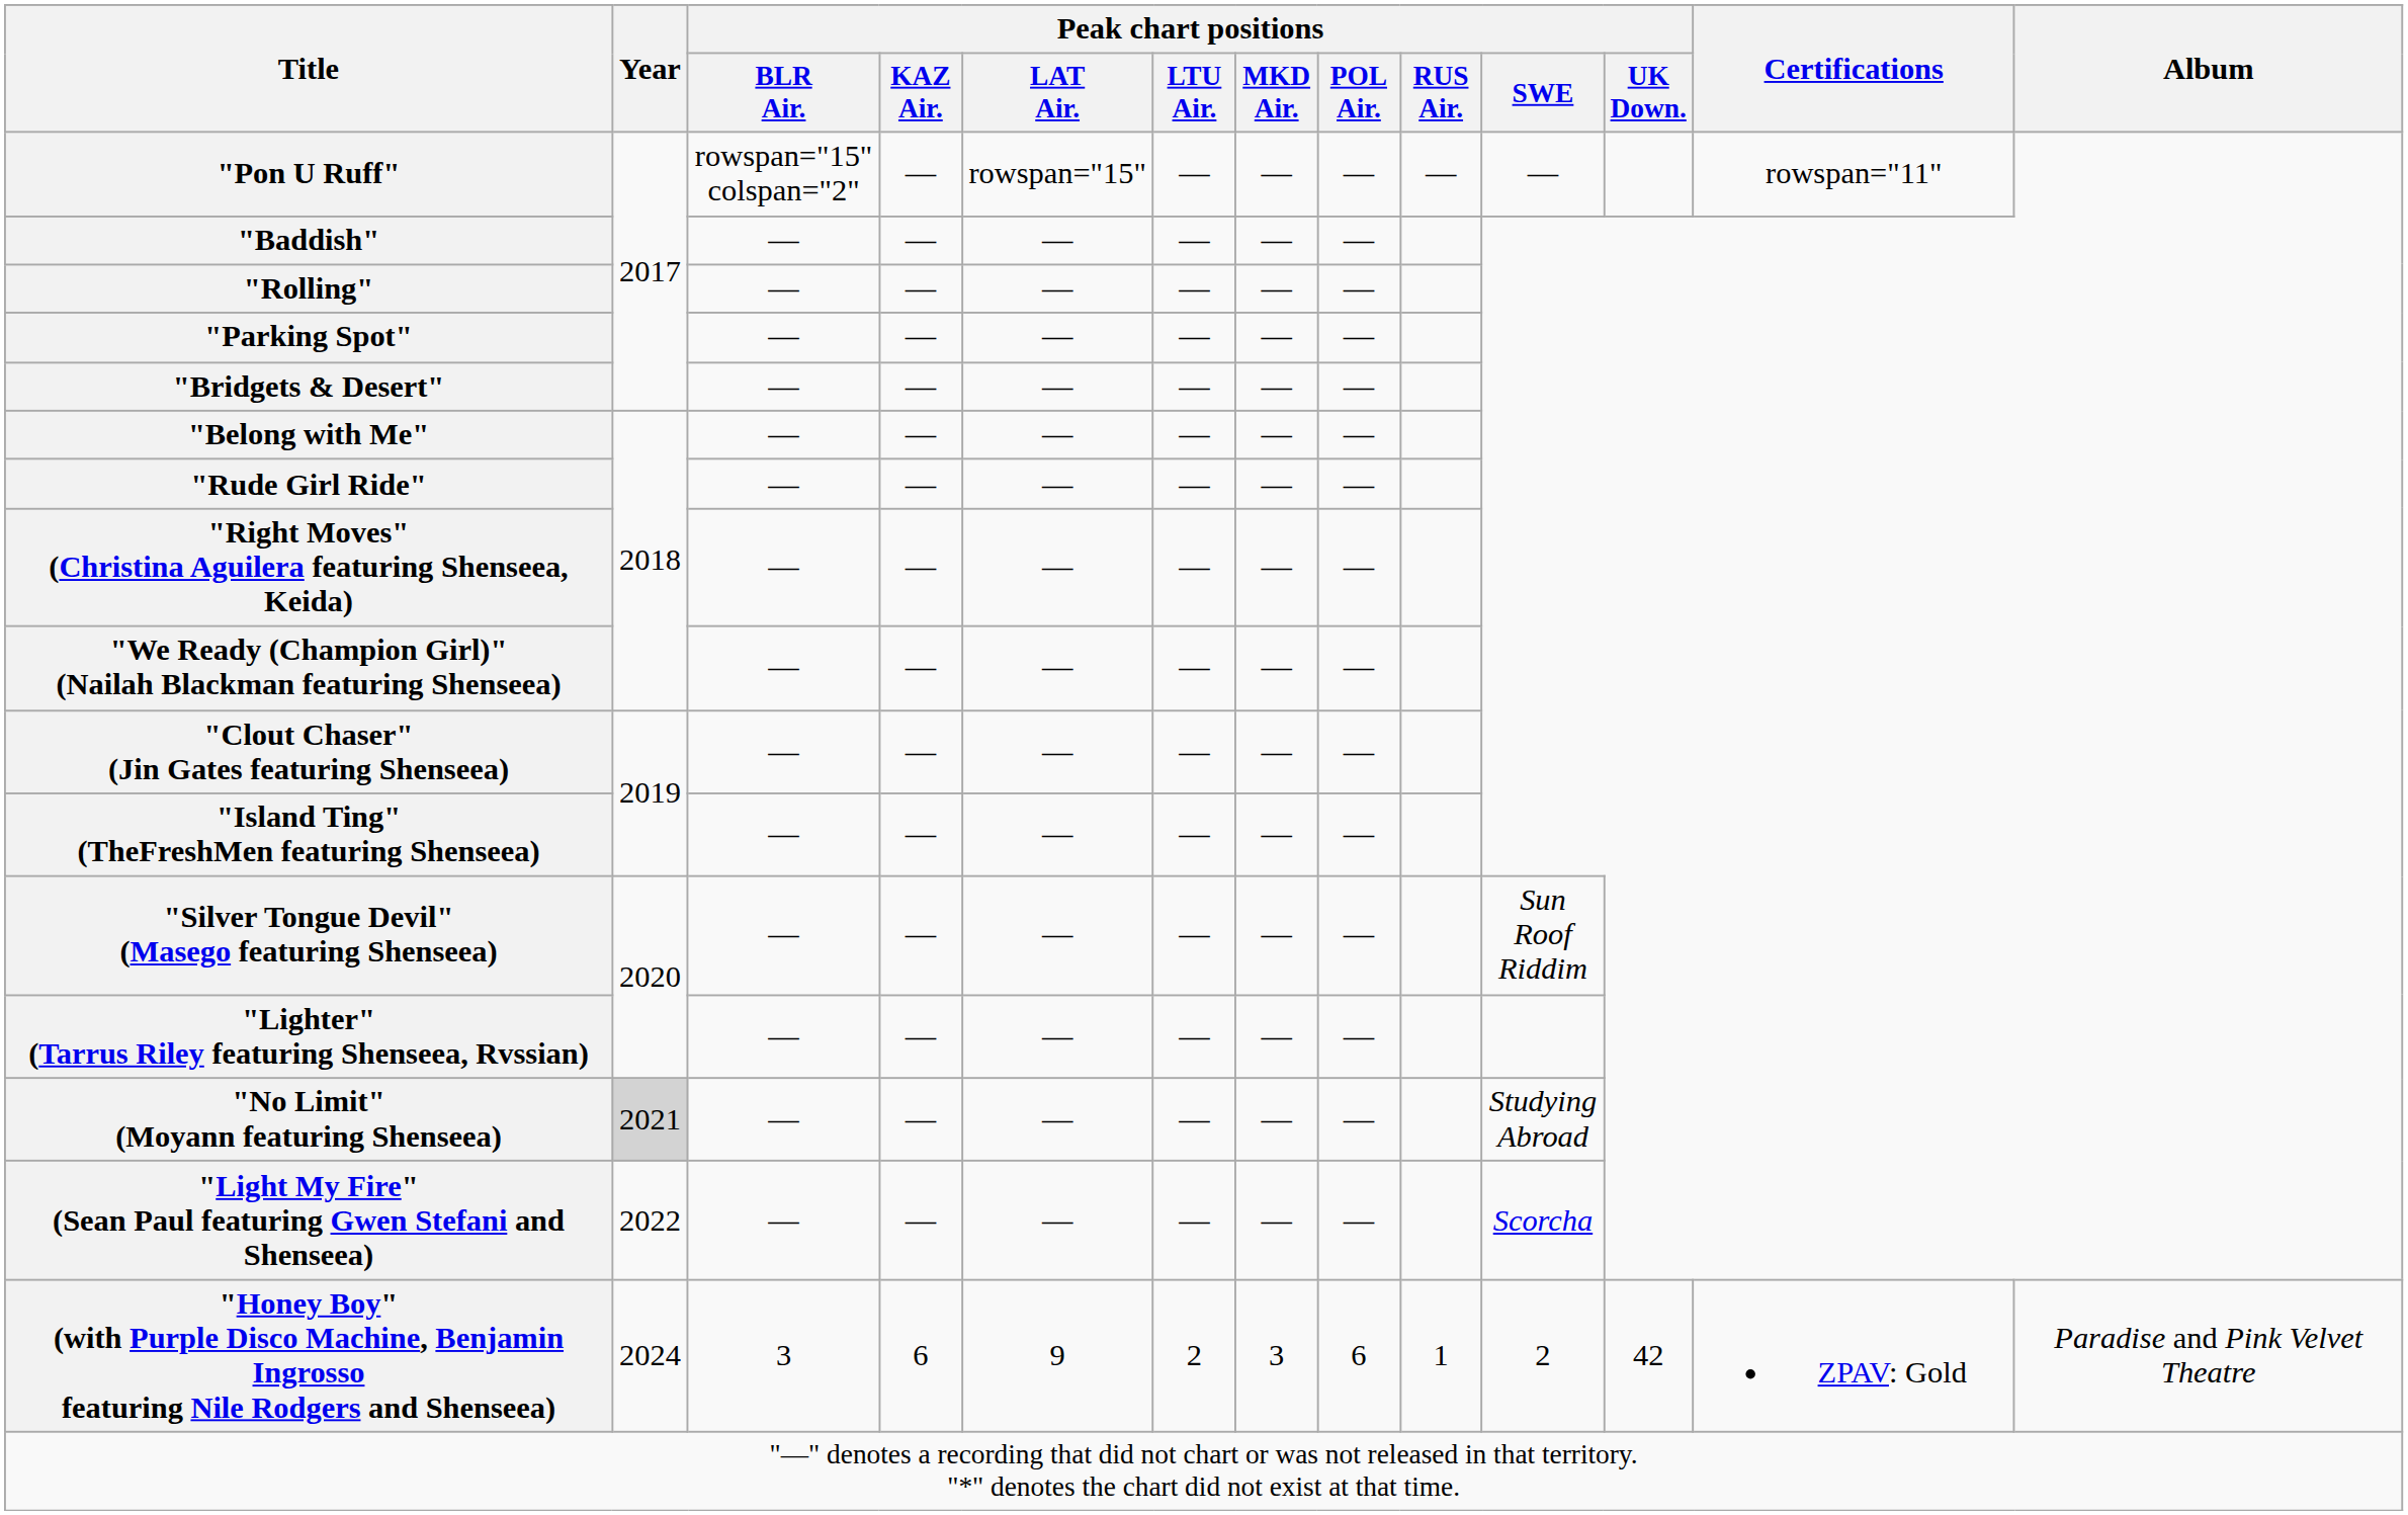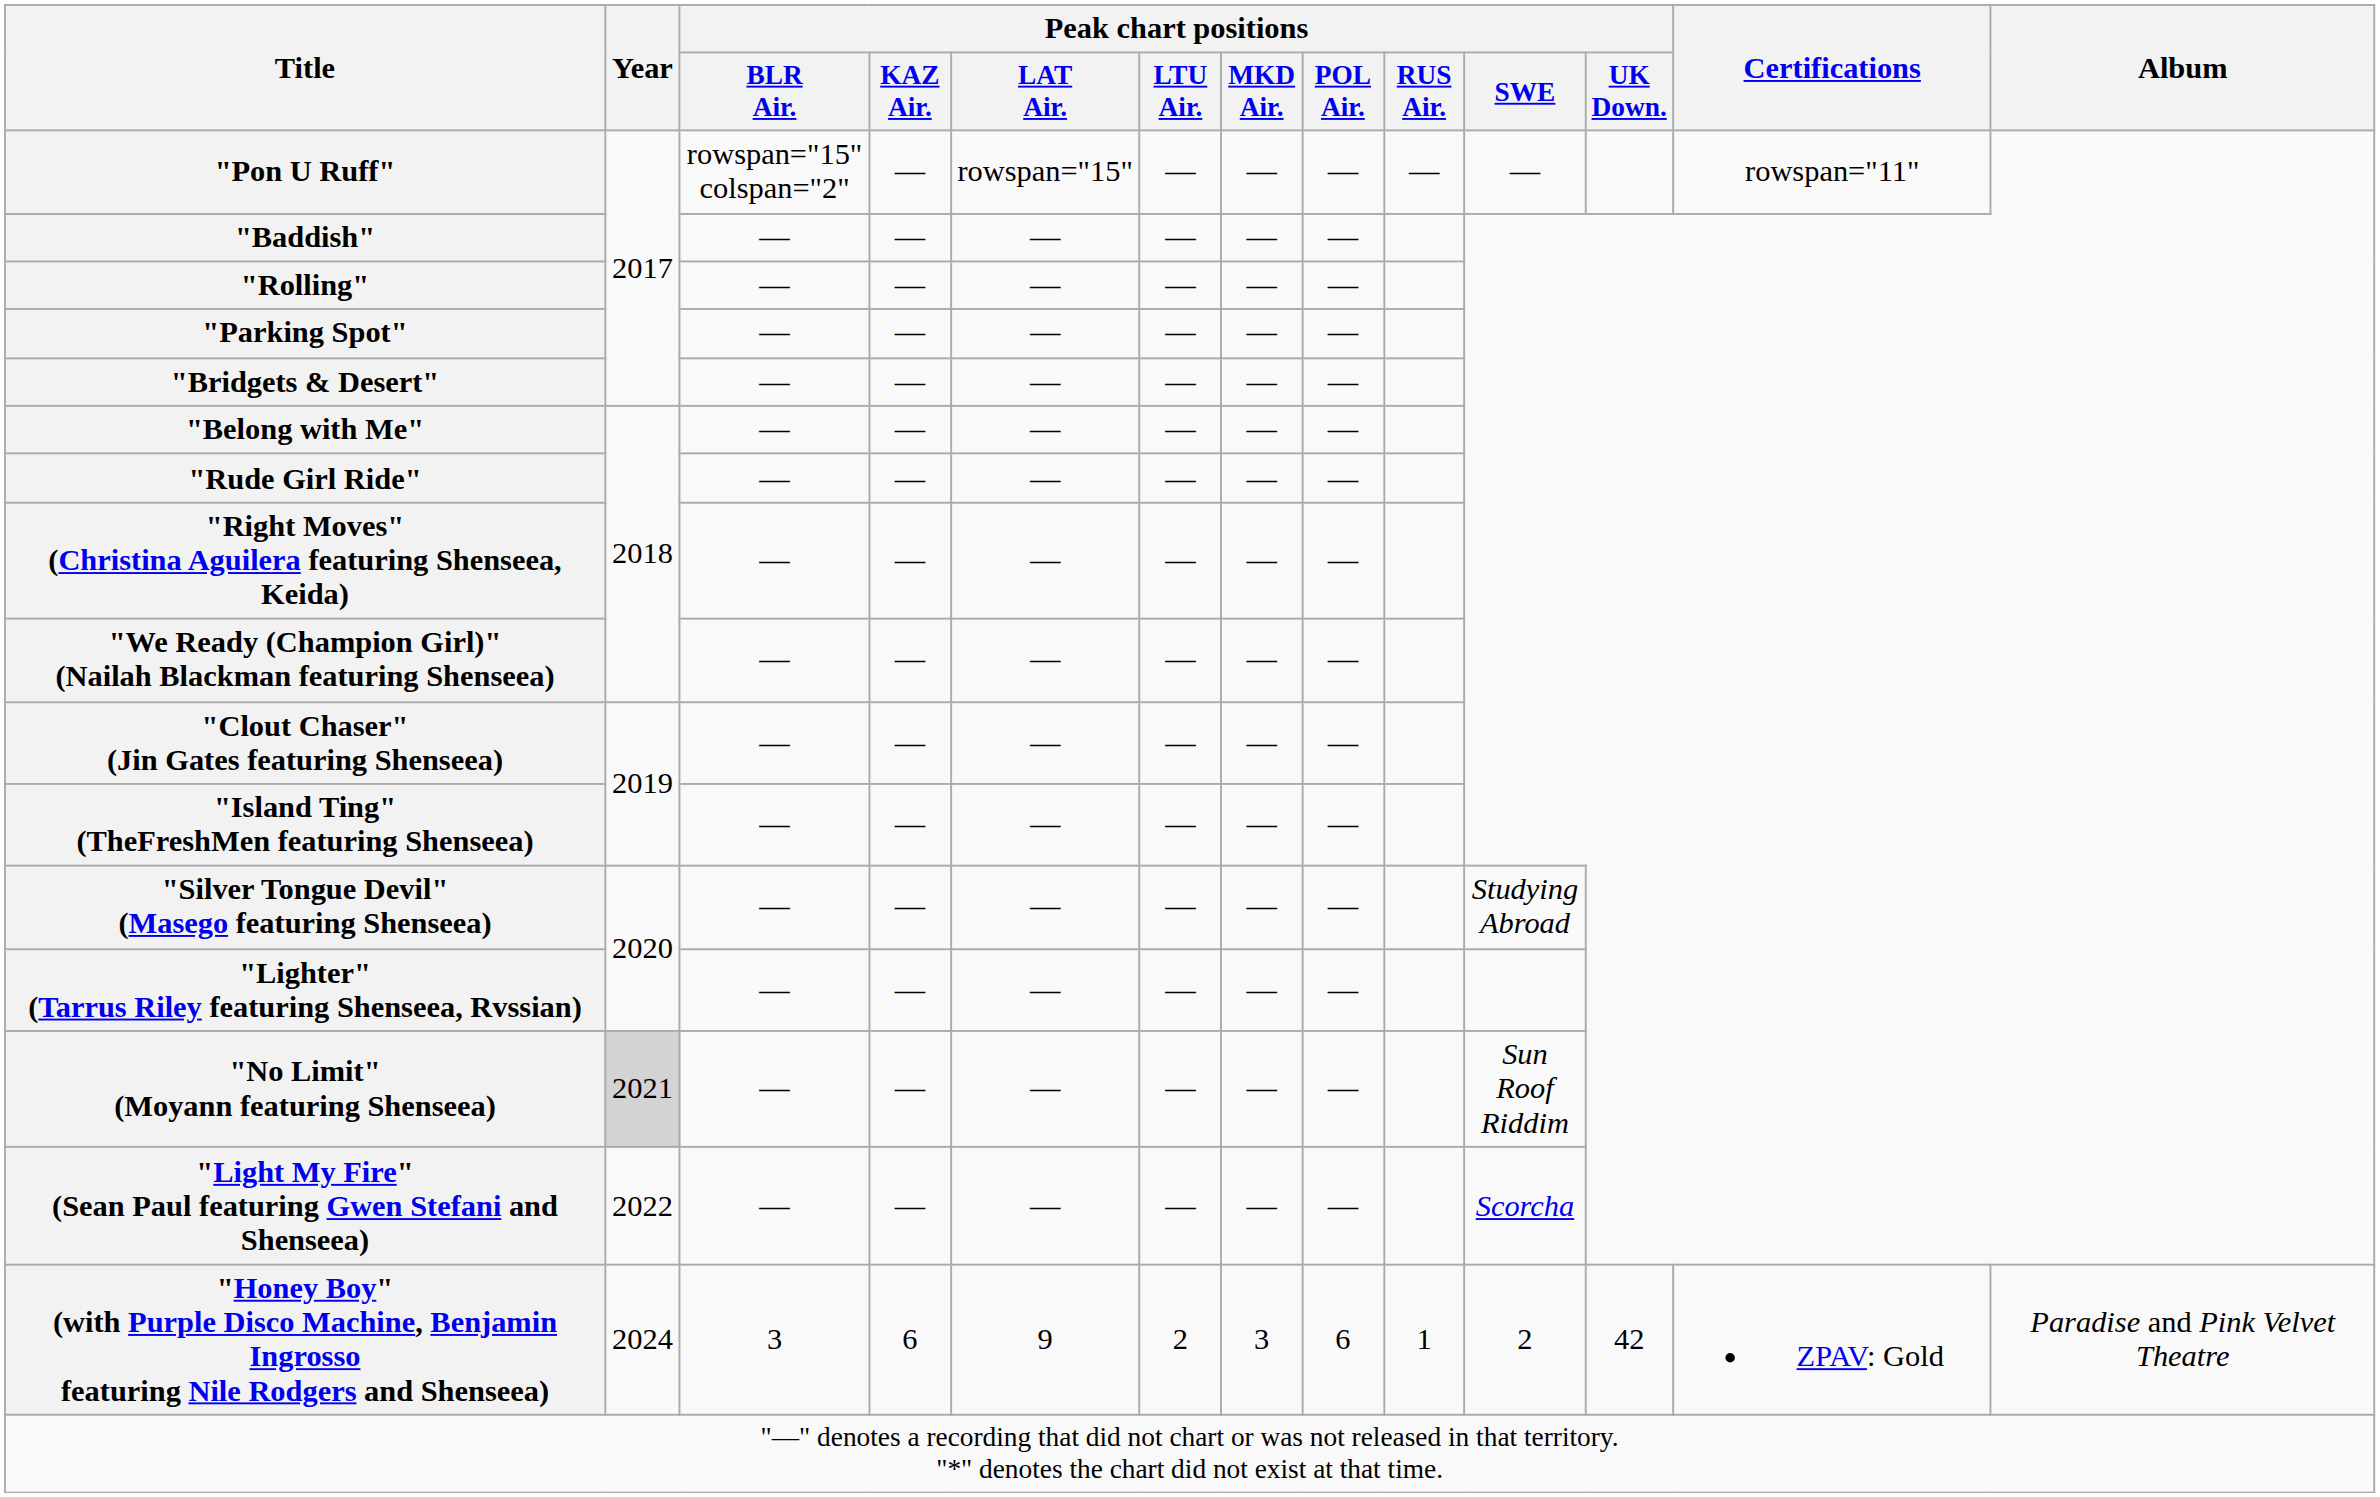 <table class="wikitable plainrowheaders" style="text-align:center">
 <tr>
 <th rowspan="2" scope="col">Title</th>
 <th rowspan="2" scope="col">Year</th>
 <th colspan="9">Peak chart positions</th>
 <th scope="col" rowspan="2" style="width:10em;"><a href='#'>Certifications</a></th>
 <th rowspan="2" scope="col">Album</th>
 </tr>
 <tr>
 <th scope="col" style="width:2.5em;font-size:90%;"><a href='#'>BLR<br>Air.</a><br></th>
 <th scope="col" style="width:2.5em;font-size:90%;"><a href='#'>KAZ<br>Air.</a><br></th>
 <th scope="col" style="width:2.5em;font-size:90%;"><a href='#'>LAT<br>Air.</a><br></th>
 <th scope="col" style="width:2.5em;font-size:90%;"><a href='#'>LTU<br>Air.</a><br></th>
 <th scope="col" style="width:2.5em;font-size:90%;"><a href='#'>MKD<br>Air.</a><br></th>
 <th scope="col" style="width:2.5em;font-size:90%;"><a href='#'>POL<br>Air.</a><br></th>
 <th scope="col" style="width:2.5em;font-size:90%;"><a href='#'>RUS<br>Air.</a><br></th>
 <th scope="col" style="width:2.5em;font-size:90%;"><a href='#'>SWE</a><br></th>
 <th scope="col" style="width:2.5em;font-size:90%;"><a href='#'>UK<br>Down.</a><br></th>
 </tr>
 <tr>
 <th scope="row">"Pon U Ruff"<br></th>
 <td rowspan="5">2017</td>
 <td>rowspan="15" colspan="2" </td>
 <td>—</td>
 <td>rowspan="15" </td>
 <td>—</td>
 <td>—</td>
 <td>—</td>
 <td>—</td>
 <td>—</td>
 <td></td>
 <td>rowspan="11" </td>
 </tr>
 <tr>
 <th scope="row">"Baddish"<br></th>
 <td>—</td>
 <td>—</td>
 <td>—</td>
 <td>—</td>
 <td>—</td>
 <td>—</td>
 <td></td>
 </tr>
 <tr>
 <th scope="row">"Rolling"<br></th>
 <td>—</td>
 <td>—</td>
 <td>—</td>
 <td>—</td>
 <td>—</td>
 <td>—</td>
 <td></td>
 </tr>
 <tr>
 <th scope="row">"Parking Spot"<br></th>
 <td>—</td>
 <td>—</td>
 <td>—</td>
 <td>—</td>
 <td>—</td>
 <td>—</td>
 <td></td>
 </tr>
 <tr>
 <th scope="row">"Bridgets & Desert"<br></th>
 <td>—</td>
 <td>—</td>
 <td>—</td>
 <td>—</td>
 <td>—</td>
 <td>—</td>
 <td></td>
 </tr>
 <tr>
 <th scope="row">"Belong with Me"<br></th>
 <td rowspan="4">2018</td>
 <td>—</td>
 <td>—</td>
 <td>—</td>
 <td>—</td>
 <td>—</td>
 <td>—</td>
 <td></td>
 </tr>
 <tr>
 <th scope="row">"Rude Girl Ride"<br></th>
 <td>—</td>
 <td>—</td>
 <td>—</td>
 <td>—</td>
 <td>—</td>
 <td>—</td>
 <td></td>
 </tr>
 <tr>
 <th scope="row">"Right Moves" <br><span>(<a href='#'>Christina Aguilera</a> featuring Shenseea, Keida)</span></th>
 <td>—</td>
 <td>—</td>
 <td>—</td>
 <td>—</td>
 <td>—</td>
 <td>—</td>
 <td></td>
 </tr>
 <tr>
 <th scope="row">"We Ready (Champion Girl)"<br><span>(Nailah Blackman featuring Shenseea)</span></th>
 <td>—</td>
 <td>—</td>
 <td>—</td>
 <td>—</td>
 <td>—</td>
 <td>—</td>
 <td></td>
 </tr>
 <tr>
 <th scope="row">"Clout Chaser"<br><span>(Jin Gates featuring Shenseea)</span></th>
 <td rowspan="2">2019</td>
 <td>—</td>
 <td>—</td>
 <td>—</td>
 <td>—</td>
 <td>—</td>
 <td>—</td>
 <td></td>
 </tr>
 <tr>
 <th scope="row">"Island Ting"<br><span>(TheFreshMen featuring Shenseea)</span></th>
 <td>—</td>
 <td>—</td>
 <td>—</td>
 <td>—</td>
 <td>—</td>
 <td>—</td>
 <td></td>
 </tr>
 <tr>
 <th scope="row">"Silver Tongue Devil"<br><span>(<a href='#'>Masego</a> featuring Shenseea)</span></th>
 <td rowspan="2">2020</td>
 <td>—</td>
 <td>—</td>
 <td>—</td>
 <td>—</td>
 <td>—</td>
 <td>—</td>
 <td></td>
-<td><em>Sun Roof Riddim</em></td>
+<td><em>Studying Abroad</em></td>
 </tr>
 <tr>
 <th scope="row">"Lighter"<br><span>(<a href='#'>Tarrus Riley</a> featuring Shenseea, Rvssian)</span></th>
 <td>—</td>
 <td>—</td>
 <td>—</td>
 <td>—</td>
 <td>—</td>
 <td>—</td>
 <td></td>
 <td></td>
 </tr>
 <tr>
 <th scope="row">"No Limit"<br><span>(Moyann featuring Shenseea)</span></th>
 <td style="background: lightgrey;">2021</td>
 <td>—</td>
 <td>—</td>
 <td>—</td>
 <td>—</td>
 <td>—</td>
 <td>—</td>
 <td></td>
-<td><em>Studying Abroad</em></td>
+<td><em>Sun Roof Riddim</em></td>
 </tr>
 <tr>
 <th scope="row">"<a href='#'>Light My Fire</a>"<br><span>(Sean Paul featuring <a href='#'>Gwen Stefani</a> and Shenseea)</span></th>
 <td>2022</td>
 <td>—</td>
 <td>—</td>
 <td>—</td>
 <td>—</td>
 <td>—</td>
 <td>—</td>
 <td></td>
 <td><em><a href='#'>Scorcha</a></em></td>
 </tr>
 <tr>
 <th scope="row">"<a href='#'>Honey Boy</a>"<br><span>(with <a href='#'>Purple Disco Machine</a>, <a href='#'>Benjamin Ingrosso</a><br>featuring <a href='#'>Nile Rodgers</a> and Shenseea)</span></th>
 <td>2024</td>
 <td>3</td>
 <td>6</td>
 <td>9</td>
 <td>2</td>
 <td>3</td>
 <td>6</td>
 <td>1</td>
 <td>2</td>
 <td>42</td>
 <td><br><ul><li><a href='#'>ZPAV</a>: Gold</li></ul></td>
 <td><em>Paradise</em> and <em>Pink Velvet Theatre</em></td>
 </tr>
 <tr>
 <td colspan="13" style="font-size:90%">"—" denotes a recording that did not chart or was not released in that territory.<br>"*" denotes the chart did not exist at that time.</td>
 </tr>
 </table>
